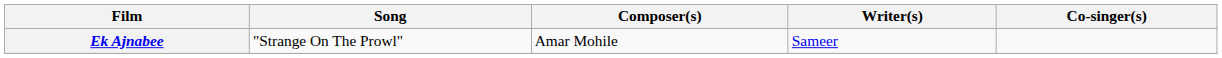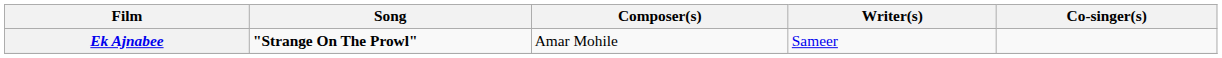 <table class="wikitable plainrowheaders" width="100%" textcolor:#000;">
 <tr>
 <th scope="col" width=20%><strong>Film</strong></th>
 <th scope="col" width=23%><strong>Song</strong></th>
 <th scope="col" width=21%><strong>Composer(s)</strong></th>
 <th scope="col" width=17%><strong>Writer(s)</strong></th>
 <th scope="col" width=18%><strong>Co-singer(s)</strong></th>
 </tr>
 <tr>
 <th><em><a href='#'>Ek Ajnabee</a></em></th>
-<td>"Strange On The Prowl"</td>
+<td><strong>"Strange On The Prowl"</strong></td>
 <td>Amar Mohile</td>
 <td><a href='#'>Sameer</a></td>
 <td></td>
 </tr>
 <tr>
 </tr>
 </table>
